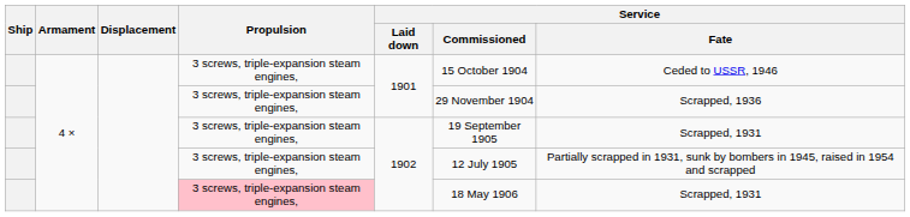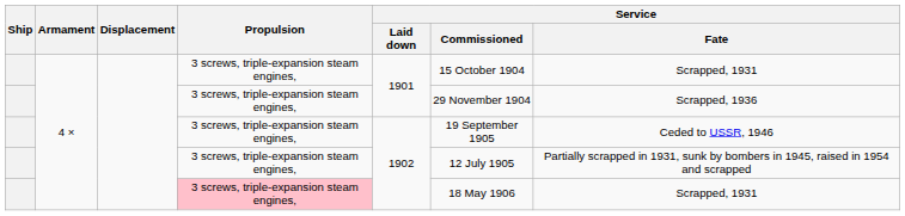 <table class="wikitable plainrowheaders" style="text-align: center;">
 <tr valign="center">
 <th scope="col" rowspan="2">Ship</th>
 <th scope="col" rowspan="2">Armament</th>
 <th scope="col" rowspan="2">Displacement</th>
 <th scope="col" rowspan="2">Propulsion</th>
 <th scope="col" colspan="3">Service</th>
 </tr>
 <tr valign="center">
 <th scope="col">Laid down</th>
 <th scope="col">Commissioned</th>
 <th scope="col">Fate</th>
 </tr>
 <tr valign="center">
 <th scope="row"></th>
 <td rowspan="5">4 × </td>
 <td rowspan="5"></td>
 <td>3 screws, triple-expansion steam engines, </td>
 <td rowspan="2">1901</td>
 <td>15 October 1904</td>
-<td>Ceded to <a href='#'>USSR</a>, 1946</td>
+<td>Scrapped, 1931</td>
 </tr>
 <tr valign="center">
 <th scope="row"></th>
 <td>3 screws, triple-expansion steam engines, </td>
 <td>29 November 1904</td>
 <td>Scrapped, 1936</td>
 </tr>
 <tr valign="center">
 <th scope="row"></th>
 <td>3 screws, triple-expansion steam engines, </td>
 <td rowspan="3">1902</td>
 <td>19 September 1905</td>
-<td>Scrapped, 1931</td>
+<td>Ceded to <a href='#'>USSR</a>, 1946</td>
 </tr>
 <tr valign="center">
 <th scope="row"></th>
 <td>3 screws, triple-expansion steam engines, </td>
 <td>12 July 1905</td>
 <td>Partially scrapped in 1931, sunk by bombers in 1945, raised in 1954 and scrapped</td>
 </tr>
 <tr valign="center">
 <th scope="row"></th>
 <td style="background: pink;">3 screws, triple-expansion steam engines, </td>
 <td>18 May 1906</td>
 <td>Scrapped, 1931</td>
 </tr>
 </table>
